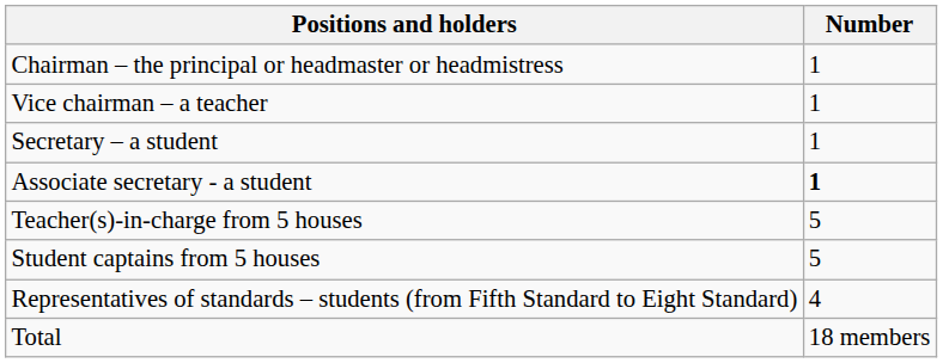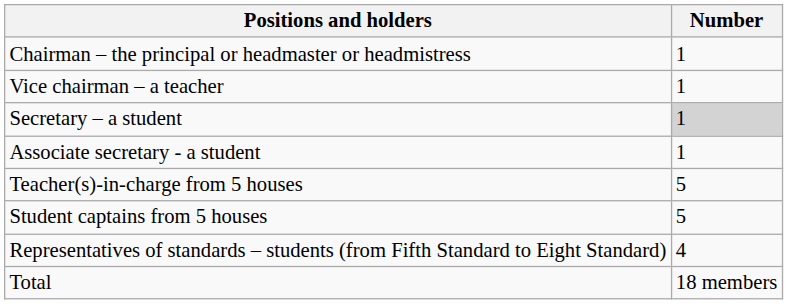 <table class="wikitable sortable">
 <tr>
 <th>Positions and holders</th>
 <th>Number</th>
 </tr>
 <tr>
 <td>Chairman – the principal or headmaster or headmistress</td>
 <td>1</td>
 </tr>
 <tr>
 <td>Vice chairman – a teacher</td>
 <td>1</td>
 </tr>
 <tr>
 <td>Secretary – a student</td>
-<td>1</td>
+<td style="background: lightgrey;">1</td>
 </tr>
 <tr>
 <td>Associate secretary - a student</td>
-<td><strong>1</strong></td>
+<td>1</td>
 </tr>
 <tr>
 <td>Teacher(s)-in-charge from 5 houses</td>
 <td>5</td>
 </tr>
 <tr>
 <td>Student captains from 5 houses</td>
 <td>5</td>
 </tr>
 <tr>
 <td>Representatives of standards – students (from Fifth Standard to Eight Standard)</td>
 <td>4</td>
 </tr>
 <tr>
 <td>Total</td>
 <td>18 members</td>
 </tr>
 </table>
